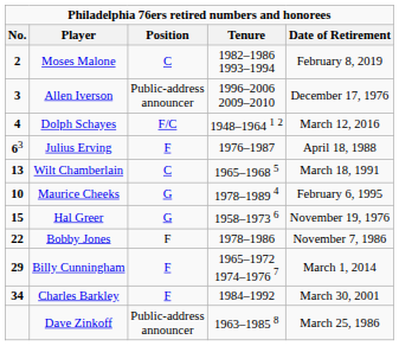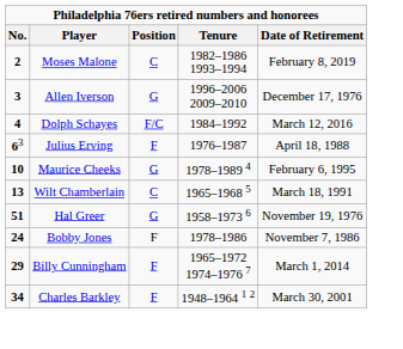 <table class="wikitable sortable" style="text-align:center">
 <tr>
 <td colspan="5"><strong>Philadelphia 76ers retired numbers and honorees</strong></td>
 </tr>
 <tr>
 <th>No.</th>
 <th>Player</th>
 <th>Position</th>
 <th>Tenure</th>
 <th>Date of Retirement</th>
 </tr>
 <tr>
 <td><strong>2</strong></td>
 <td><a href='#'>Moses Malone</a></td>
 <td><a href='#'>C</a></td>
 <td>1982–1986<br>1993–1994</td>
 <td>February 8, 2019</td>
 </tr>
 <tr>
 <td><strong>3</strong></td>
 <td><a href='#'>Allen Iverson</a></td>
-<td>Public-address<br>announcer</td>
+<td><a href='#'>G</a></td>
 <td>1996–2006<br>2009–2010</td>
 <td>December 17, 1976</td>
 </tr>
 <tr>
 <td><strong>4</strong></td>
 <td><a href='#'>Dolph Schayes</a></td>
 <td><a href='#'>F/C</a></td>
-<td>1948–1964 <sup>1</sup> <sup>2</sup></td>
+<td>1984–1992</td>
 <td>March 12, 2016</td>
 </tr>
 <tr>
 <td><strong>6</strong><sup>3</sup></td>
 <td><a href='#'>Julius Erving</a></td>
 <td><a href='#'>F</a></td>
 <td>1976–1987</td>
 <td>April 18, 1988</td>
 </tr>
 <tr>
+<td><strong>10</strong></td>
+<td><a href='#'>Maurice Cheeks</a></td>
+<td><a href='#'>G</a></td>
+<td>1978–1989 <sup>4</sup></td>
+<td>February 6, 1995</td>
+</tr>
+<tr>
 <td><strong>13</strong></td>
 <td><a href='#'>Wilt Chamberlain</a></td>
 <td><a href='#'>C</a></td>
 <td>1965–1968 <sup>5</sup></td>
 <td>March 18, 1991</td>
 </tr>
 <tr>
-<td><strong>10</strong></td>
-<td><a href='#'>Maurice Cheeks</a></td>
-<td><a href='#'>G</a></td>
-<td>1978–1989 <sup>4</sup></td>
-<td>February 6, 1995</td>
-</tr>
-<tr>
-<td><strong>15</strong></td>
+<td><strong>51</strong></td>
 <td><a href='#'>Hal Greer</a></td>
 <td><a href='#'>G</a></td>
 <td>1958–1973 <sup>6</sup></td>
 <td>November 19, 1976</td>
 </tr>
 <tr>
-<td><strong>22</strong></td>
+<td><strong>24</strong></td>
 <td><a href='#'>Bobby Jones</a></td>
 <td>F</td>
 <td>1978–1986</td>
 <td>November 7, 1986</td>
 </tr>
 <tr>
 <td><strong>29</strong></td>
 <td><a href='#'>Billy Cunningham</a></td>
 <td><a href='#'>F</a></td>
 <td>1965–1972<br>1974–1976 <sup>7</sup></td>
 <td>March 1, 2014</td>
 </tr>
 <tr>
 <td><strong>34</strong></td>
 <td><a href='#'>Charles Barkley</a></td>
 <td><a href='#'>F</a></td>
-<td>1984–1992</td>
+<td>1948–1964 <sup>1</sup> <sup>2</sup></td>
 <td>March 30, 2001</td>
 </tr>
-<tr>
-<td></td>
-<td><a href='#'>Dave Zinkoff</a></td>
-<td>Public-address<br>announcer</td>
-<td>1963–1985 <sup>8</sup></td>
-<td>March 25, 1986</td>
-</tr>
 </table>
